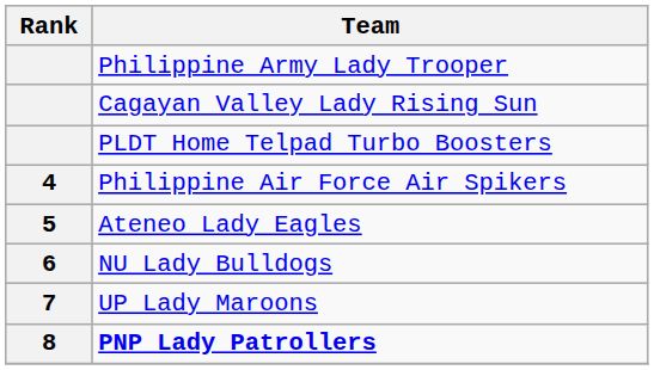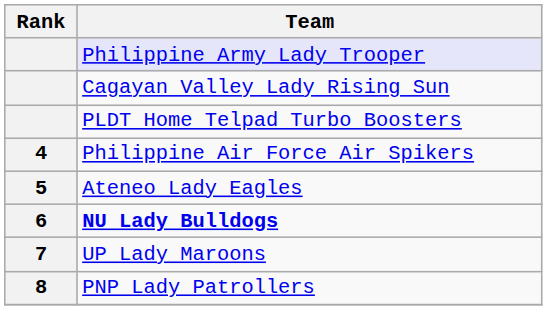 <table class="wikitable" style="text-align: center;">
 <tr>
 <th width=40>Rank</th>
 <th width=290>Team</th>
 </tr>
 <tr>
 <th></th>
-<td style="text-align:left;"><a href='#'>Philippine Army Lady Trooper</a></td>
+<td style="background: lavender; text-align:left;"><a href='#'>Philippine Army Lady Trooper</a></td>
 </tr>
 <tr>
 <th></th>
 <td style="text-align:left;"><a href='#'>Cagayan Valley Lady Rising Sun</a></td>
 </tr>
 <tr>
 <th></th>
 <td style="text-align:left;"><a href='#'>PLDT Home Telpad Turbo Boosters</a></td>
 </tr>
 <tr>
 <th>4</th>
 <td style="text-align:left;"><a href='#'>Philippine Air Force Air Spikers</a></td>
 </tr>
 <tr>
 <th>5</th>
 <td style="text-align:left;"><a href='#'>Ateneo Lady Eagles</a></td>
 </tr>
 <tr>
 <th>6</th>
-<td style="text-align:left;"><a href='#'>NU Lady Bulldogs</a></td>
+<td style="text-align:left;"><strong><a href='#'>NU Lady Bulldogs</a></strong></td>
 </tr>
 <tr>
 <th>7</th>
 <td style="text-align:left;"><a href='#'>UP Lady Maroons</a></td>
 </tr>
 <tr>
 <th>8</th>
-<td style="text-align:left;"><strong><a href='#'>PNP Lady Patrollers</a></strong></td>
+<td style="text-align:left;"><a href='#'>PNP Lady Patrollers</a></td>
 </tr>
 <tr>
 </tr>
 </table>
